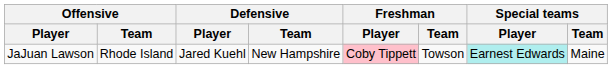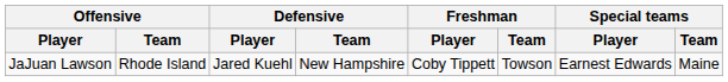 <table class="wikitable" border="1">
 <tr>
 <th colspan="2">Offensive</th>
 <th colspan="2">Defensive</th>
 <th colspan="2">Freshman</th>
 <th colspan="2">Special teams</th>
 </tr>
 <tr>
 <th>Player</th>
 <th>Team</th>
 <th>Player</th>
 <th>Team</th>
 <th>Player</th>
 <th>Team</th>
 <th>Player</th>
 <th>Team</th>
 </tr>
 <tr>
 <td>JaJuan Lawson</td>
 <td>Rhode Island</td>
 <td>Jared Kuehl</td>
 <td>New Hampshire</td>
-<td style="background: pink;">Coby Tippett</td>
+<td>Coby Tippett</td>
 <td>Towson</td>
-<td style="background: paleturquoise;">Earnest Edwards</td>
+<td>Earnest Edwards</td>
 <td>Maine</td>
 </tr>
 </table>
